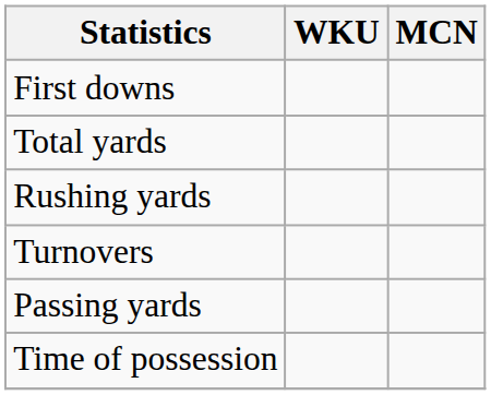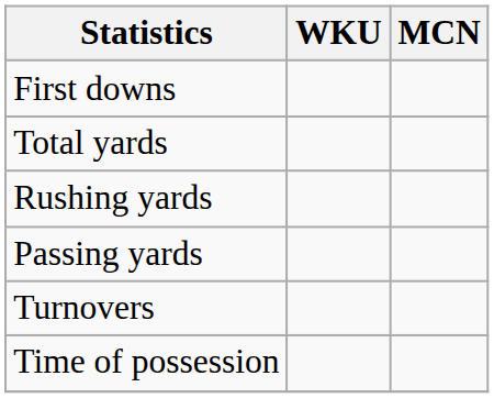 <table class="wikitable" style="float: left;">
 <tr>
 <th>Statistics</th>
 <th>WKU</th>
 <th>MCN</th>
 </tr>
 <tr>
 <td>First downs</td>
 <td></td>
 <td></td>
 </tr>
 <tr>
 <td>Total yards</td>
 <td></td>
 <td></td>
 </tr>
 <tr>
 <td>Rushing yards</td>
 <td></td>
 <td></td>
 </tr>
 <tr>
-<td>Turnovers</td>
+<td>Passing yards</td>
 <td></td>
 <td></td>
 </tr>
 <tr>
-<td>Passing yards</td>
+<td>Turnovers</td>
 <td></td>
 <td></td>
 </tr>
 <tr>
 <td>Time of possession</td>
 <td></td>
 <td></td>
 </tr>
 <tr>
 </tr>
 </table>
